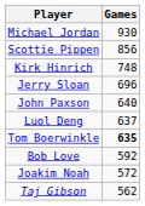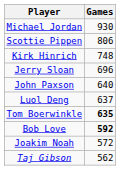 <table class="wikitable sortable">
 <tr>
 <th scope="col">Player</th>
 <th scope="col">Games</th>
 </tr>
 <tr>
 <td style="text-align:center"><a href='#'>Michael Jordan</a></td>
 <td style="text-align:right">930</td>
 </tr>
 <tr>
 <td style="text-align:center"><a href='#'>Scottie Pippen</a></td>
-<td style="text-align:right">856</td>
+<td style="text-align:right">806</td>
 </tr>
 <tr>
 <td style="text-align:center"><a href='#'>Kirk Hinrich</a></td>
 <td style="text-align:right">748</td>
 </tr>
 <tr>
 <td style="text-align:center"><a href='#'>Jerry Sloan</a></td>
 <td style="text-align:right">696</td>
 </tr>
 <tr>
 <td style="text-align:center"><a href='#'>John Paxson</a></td>
 <td style="text-align:right">640</td>
 </tr>
 <tr>
 <td style="text-align:center"><a href='#'>Luol Deng</a></td>
 <td style="text-align:right">637</td>
 </tr>
 <tr>
 <td style="text-align:center"><a href='#'>Tom Boerwinkle</a></td>
 <td style="text-align:right"><strong>635</strong></td>
 </tr>
 <tr>
 <td style="text-align:center"><a href='#'>Bob Love</a></td>
-<td style="text-align:right">592</td>
+<td style="text-align:right"><strong>592</strong></td>
 </tr>
 <tr>
 <td style="text-align:center"><a href='#'>Joakim Noah</a></td>
 <td style="text-align:right">572</td>
 </tr>
 <tr>
 <td style="text-align:center"><em><a href='#'>Taj Gibson</a></em></td>
 <td style="text-align:right">562</td>
 </tr>
 </table>
